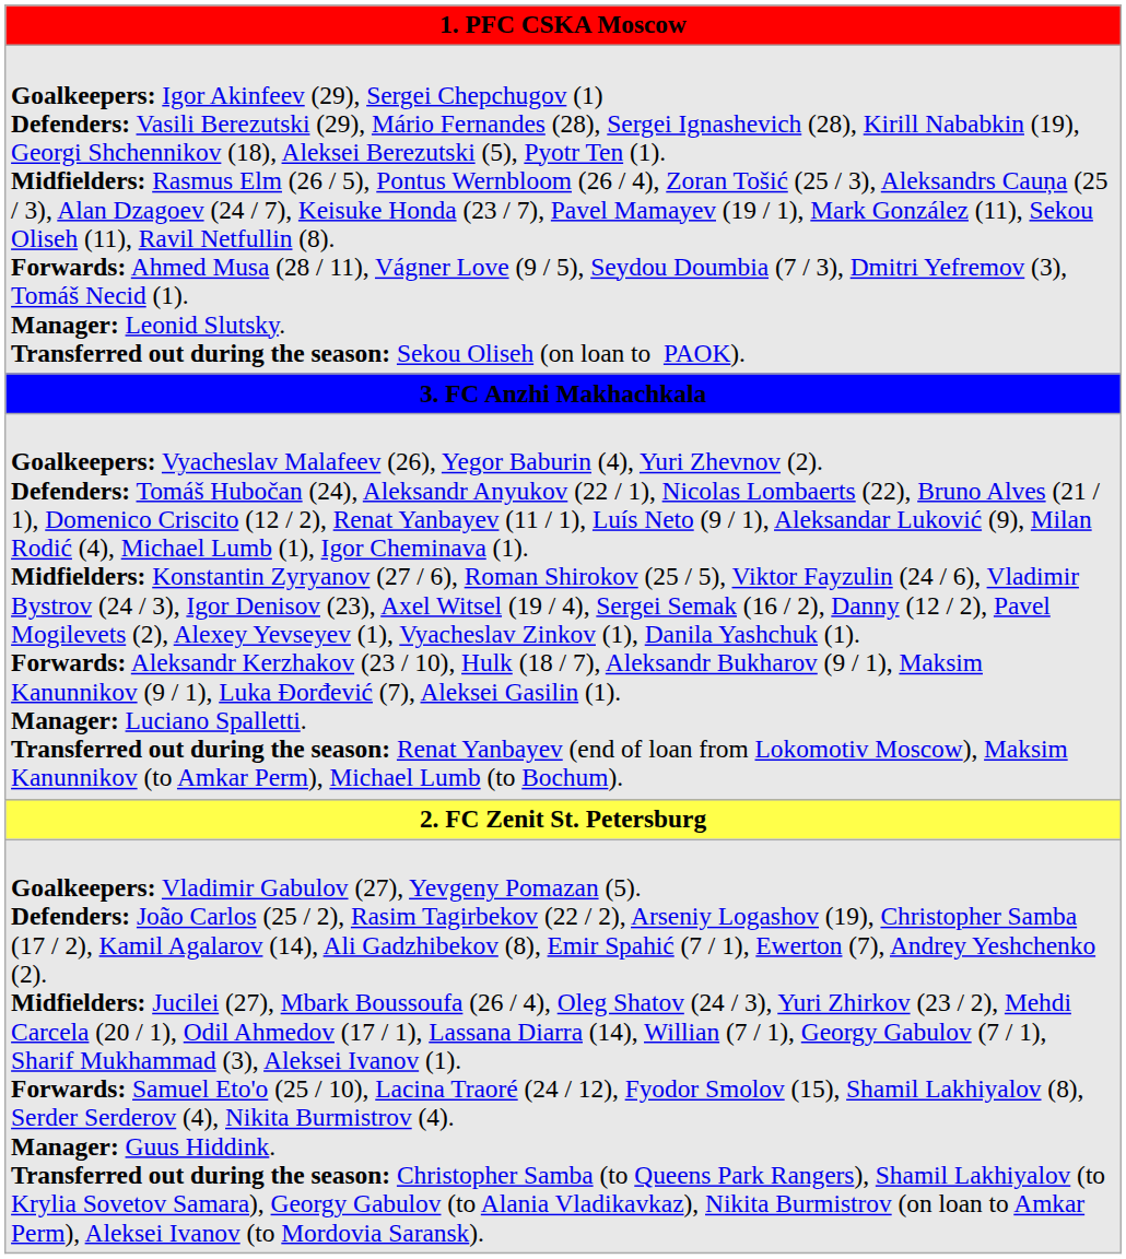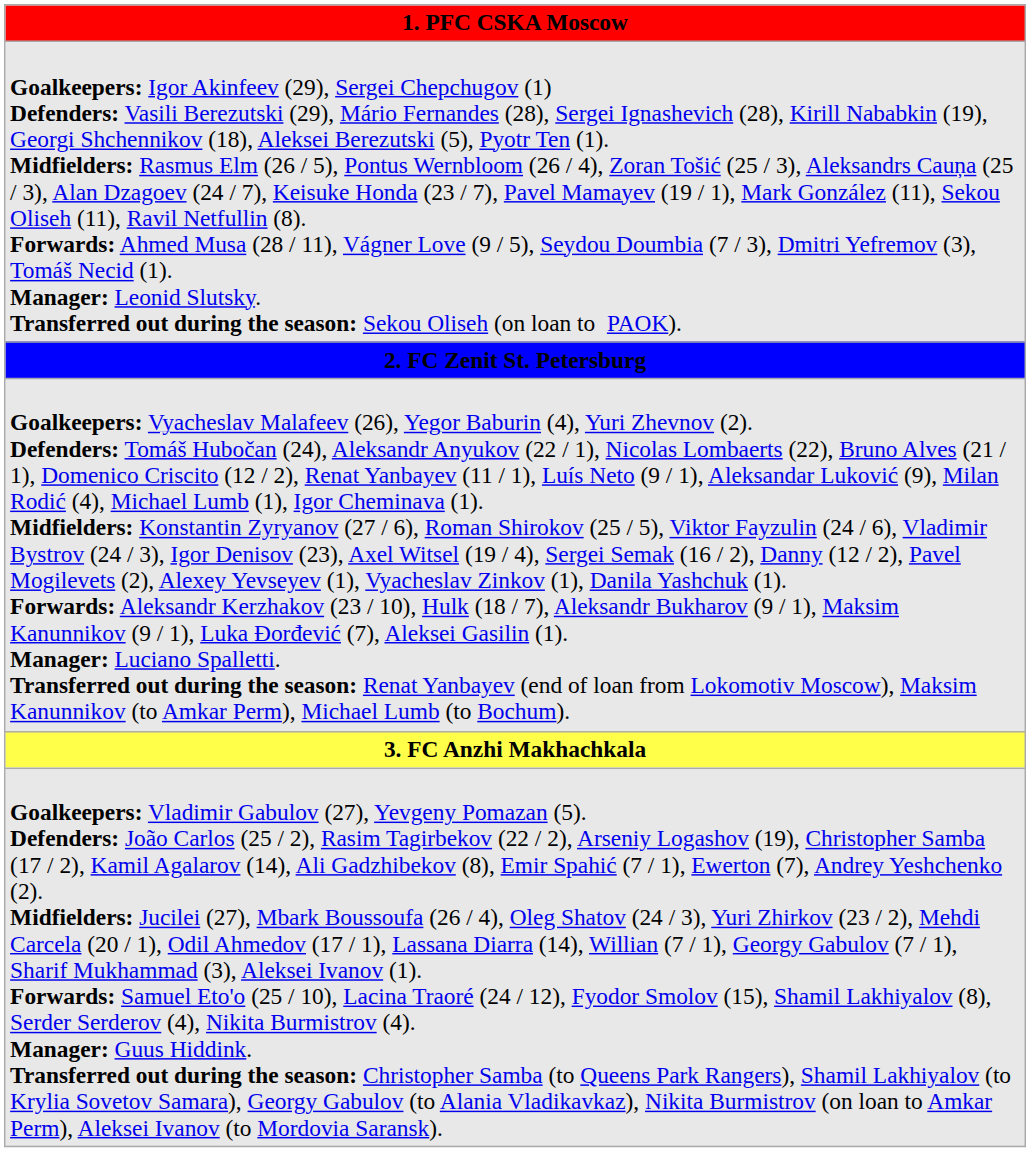 <table class="wikitable" Width="700">
 <tr bgcolor="#FF0000">
 <td align="center" width="700"><span> <strong>1. PFC CSKA Moscow</strong> </span></td>
 </tr>
 <tr bgcolor="#E8E8E8">
 <td align="left" width="700"><br><strong>Goalkeepers:</strong> <a href='#'>Igor Akinfeev</a> (29), <a href='#'>Sergei Chepchugov</a> (1)<br> <strong>Defenders:</strong> <a href='#'>Vasili Berezutski</a> (29),  <a href='#'>Mário Fernandes</a> (28), <a href='#'>Sergei Ignashevich</a> (28), <a href='#'>Kirill Nababkin</a> (19), <a href='#'>Georgi Shchennikov</a> (18), <a href='#'>Aleksei Berezutski</a> (5), <a href='#'>Pyotr Ten</a> (1).<br> <strong>Midfielders:</strong>  <a href='#'>Rasmus Elm</a> (26 / 5),  <a href='#'>Pontus Wernbloom</a> (26 / 4),  <a href='#'>Zoran Tošić</a> (25 / 3),  <a href='#'>Aleksandrs Cauņa</a> (25 / 3), <a href='#'>Alan Dzagoev</a> (24 / 7),  <a href='#'>Keisuke Honda</a> (23 / 7), <a href='#'>Pavel Mamayev</a> (19 / 1),  <a href='#'>Mark González</a> (11),  <a href='#'>Sekou Oliseh</a> (11), <a href='#'>Ravil Netfullin</a> (8).<br> <strong>Forwards:</strong>  <a href='#'>Ahmed Musa</a> (28 / 11),  <a href='#'>Vágner Love</a> (9 / 5),  <a href='#'>Seydou Doumbia</a> (7 / 3), <a href='#'>Dmitri Yefremov</a> (3),  <a href='#'>Tomáš Necid</a> (1).<br><strong>Manager:</strong> <a href='#'>Leonid Slutsky</a>.<br><strong>Transferred out during the season:</strong>  <a href='#'>Sekou Oliseh</a> (on loan to  <a href='#'>PAOK</a>).</td>
 </tr>
 <tr bgcolor="#0000FF">
-<td align="center" width="700"><span> <strong>3. FC Anzhi Makhachkala</strong> </span></td>
+<td align="center" width="700"><span> <strong>2. FC Zenit St. Petersburg</strong> </span></td>
 </tr>
 <tr bgcolor="#E8E8E8">
 <td align="left" width="700"><br><strong>Goalkeepers:</strong> <a href='#'>Vyacheslav Malafeev</a> (26), <a href='#'>Yegor Baburin</a> (4),  <a href='#'>Yuri Zhevnov</a> (2).<br> <strong>Defenders:</strong>  <a href='#'>Tomáš Hubočan</a> (24), <a href='#'>Aleksandr Anyukov</a> (22 / 1),  <a href='#'>Nicolas Lombaerts</a> (22),  <a href='#'>Bruno Alves</a> (21 / 1),  <a href='#'>Domenico Criscito</a> (12 / 2), <a href='#'>Renat Yanbayev</a> (11 / 1),  <a href='#'>Luís Neto</a> (9 / 1),  <a href='#'>Aleksandar Luković</a> (9),  <a href='#'>Milan Rodić</a> (4),  <a href='#'>Michael Lumb</a> (1), <a href='#'>Igor Cheminava</a> (1).<br> <strong>Midfielders:</strong> <a href='#'>Konstantin Zyryanov</a> (27 / 6), <a href='#'>Roman Shirokov</a> (25 / 5), <a href='#'>Viktor Fayzulin</a> (24 / 6), <a href='#'>Vladimir Bystrov</a> (24 / 3), <a href='#'>Igor Denisov</a> (23),  <a href='#'>Axel Witsel</a> (19 / 4), <a href='#'>Sergei Semak</a> (16 / 2),  <a href='#'>Danny</a> (12 / 2), <a href='#'>Pavel Mogilevets</a> (2), <a href='#'>Alexey Yevseyev</a> (1), <a href='#'>Vyacheslav Zinkov</a> (1), <a href='#'>Danila Yashchuk</a> (1).<br> <strong>Forwards:</strong> <a href='#'>Aleksandr Kerzhakov</a> (23 / 10),  <a href='#'>Hulk</a> (18 / 7), <a href='#'>Aleksandr Bukharov</a> (9 / 1), <a href='#'>Maksim Kanunnikov</a> (9 / 1),  <a href='#'>Luka Đorđević</a> (7), <a href='#'>Aleksei Gasilin</a> (1).<br><strong>Manager:</strong>  <a href='#'>Luciano Spalletti</a>.<br><strong>Transferred out during the season:</strong> <a href='#'>Renat Yanbayev</a> (end of loan from <a href='#'>Lokomotiv Moscow</a>), <a href='#'>Maksim Kanunnikov</a> (to <a href='#'>Amkar Perm</a>),  <a href='#'>Michael Lumb</a> (to  <a href='#'>Bochum</a>).</td>
 </tr>
 <tr bgcolor="#FFFF4A">
-<td align="center" width="700"><span> <strong>2. FC Zenit St. Petersburg</strong> </span></td>
+<td align="center" width="700"><span> <strong>3. FC Anzhi Makhachkala</strong> </span></td>
 </tr>
 <tr bgcolor="#E8E8E8">
 <td align="left" width="700"><br><strong>Goalkeepers:</strong> <a href='#'>Vladimir Gabulov</a> (27), <a href='#'>Yevgeny Pomazan</a> (5).<br> <strong>Defenders:</strong>  <a href='#'>João Carlos</a> (25 / 2), <a href='#'>Rasim Tagirbekov</a> (22 / 2), <a href='#'>Arseniy Logashov</a> (19),  <a href='#'>Christopher Samba</a> (17 / 2), <a href='#'>Kamil Agalarov</a> (14), <a href='#'>Ali Gadzhibekov</a> (8),  <a href='#'>Emir Spahić</a> (7 / 1),  <a href='#'>Ewerton</a> (7), <a href='#'>Andrey Yeshchenko</a> (2).<br> <strong>Midfielders:</strong>  <a href='#'>Jucilei</a> (27),  <a href='#'>Mbark Boussoufa</a> (26 / 4), <a href='#'>Oleg Shatov</a> (24 / 3), <a href='#'>Yuri Zhirkov</a> (23 / 2),  <a href='#'>Mehdi Carcela</a> (20 / 1),  <a href='#'>Odil Ahmedov</a> (17 / 1),  <a href='#'>Lassana Diarra</a> (14),  <a href='#'>Willian</a> (7 / 1), <a href='#'>Georgy Gabulov</a> (7 / 1), <a href='#'>Sharif Mukhammad</a> (3), <a href='#'>Aleksei Ivanov</a> (1).<br> <strong>Forwards:</strong>  <a href='#'>Samuel Eto'o</a> (25 / 10),  <a href='#'>Lacina Traoré</a> (24 / 12), <a href='#'>Fyodor Smolov</a> (15), <a href='#'>Shamil Lakhiyalov</a> (8), <a href='#'>Serder Serderov</a> (4), <a href='#'>Nikita Burmistrov</a> (4).<br><strong>Manager:</strong>  <a href='#'>Guus Hiddink</a>.<br><strong>Transferred out during the season:</strong>  <a href='#'>Christopher Samba</a> (to  <a href='#'>Queens Park Rangers</a>), <a href='#'>Shamil Lakhiyalov</a> (to <a href='#'>Krylia Sovetov Samara</a>), <a href='#'>Georgy Gabulov</a> (to <a href='#'>Alania Vladikavkaz</a>), <a href='#'>Nikita Burmistrov</a> (on loan to <a href='#'>Amkar Perm</a>), <a href='#'>Aleksei Ivanov</a> (to <a href='#'>Mordovia Saransk</a>).</td>
 </tr>
 </table>
